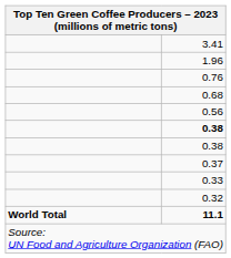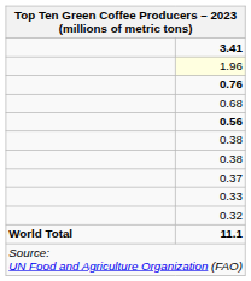 <table class="wikitable" align=right style="clear:left; margin-left:0.5em">
 <tr>
 <th colspan=2>Top Ten Green Coffee Producers – 2023<br>(millions of metric tons)</th>
 </tr>
 <tr>
 <td></td>
-<td align="right">3.41</td>
+<td align="right"><strong>3.41</strong></td>
 </tr>
 <tr>
 <td></td>
-<td align="right">1.96</td>
+<td align="right" style="background: lightyellow;">1.96</td>
 </tr>
 <tr>
 <td></td>
-<td align="right">0.76</td>
+<td align="right"><strong>0.76</strong></td>
 </tr>
 <tr>
 <td></td>
 <td align="right">0.68</td>
 </tr>
 <tr>
 <td></td>
-<td align="right">0.56</td>
+<td align="right"><strong>0.56</strong></td>
 </tr>
 <tr>
 <td></td>
-<td align="right"><strong>0.38</strong></td>
+<td align="right">0.38</td>
 </tr>
 <tr>
 <td></td>
 <td align="right">0.38</td>
 </tr>
 <tr>
 <td></td>
 <td align="right">0.37</td>
 </tr>
 <tr>
 <td></td>
 <td align="right">0.33</td>
 </tr>
 <tr>
 <td></td>
 <td align="right">0.32</td>
 </tr>
 <tr>
 <td><strong>World Total</strong></td>
 <td align="right"><strong>11.1</strong></td>
 </tr>
 <tr>
 <td colspan=2><em>Source: <br><a href='#'>UN Food and Agriculture Organization</a> (FAO)</em></td>
 </tr>
 </table>
